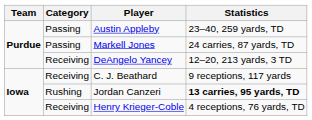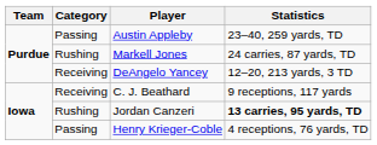 <table class="wikitable" style="float: left;">
 <tr>
 <th>Team</th>
 <th>Category</th>
 <th>Player</th>
 <th>Statistics</th>
 </tr>
 <tr>
 <td rowspan=3><strong>Purdue</strong></td>
 <td>Passing</td>
 <td><a href='#'>Austin Appleby</a></td>
 <td>23–40, 259 yards, TD</td>
 </tr>
 <tr>
-<td>Passing</td>
+<td>Rushing</td>
 <td><a href='#'>Markell Jones</a></td>
 <td>24 carries, 87 yards, TD</td>
 </tr>
 <tr>
 <td>Receiving</td>
 <td><a href='#'>DeAngelo Yancey</a></td>
 <td>12–20, 213 yards, 3 TD</td>
 </tr>
 <tr>
 <td rowspan=3><strong>Iowa</strong></td>
 <td>Receiving</td>
 <td>C. J. Beathard</td>
 <td>9 receptions, 117 yards</td>
 </tr>
 <tr>
 <td>Rushing</td>
 <td>Jordan Canzeri</td>
 <td><strong>13 carries, 95 yards, TD</strong></td>
 </tr>
 <tr>
-<td>Receiving</td>
+<td>Passing</td>
 <td><a href='#'>Henry Krieger-Coble</a></td>
 <td>4 receptions, 76 yards, TD</td>
 </tr>
 </table>
